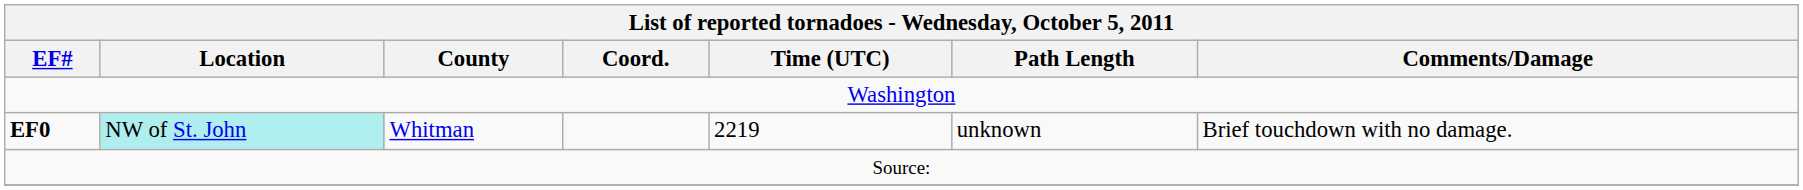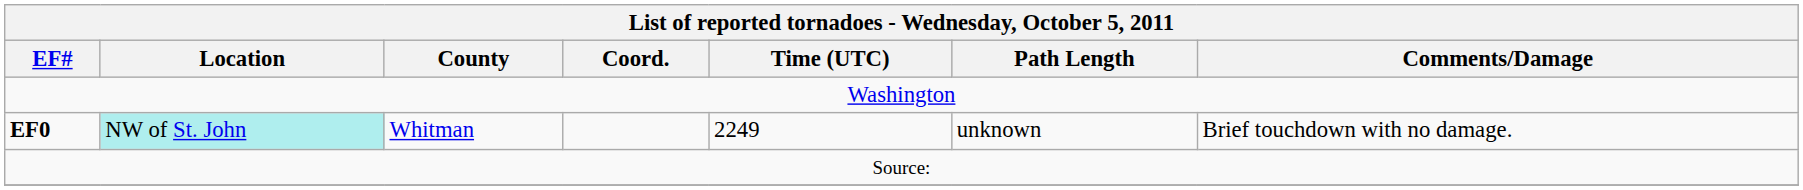 <table class="wikitable collapsible" width="100%">
 <tr>
 <th colspan="7">List of reported tornadoes - Wednesday, October 5, 2011</th>
 </tr>
 <tr>
 <th><a href='#'>EF#</a></th>
 <th>Location</th>
 <th>County</th>
 <th>Coord.</th>
 <th>Time (UTC)</th>
 <th>Path Length</th>
 <th>Comments/Damage</th>
 </tr>
 <tr>
 <td colspan="7" align=center><a href='#'>Washington</a></td>
 </tr>
 <tr>
 <td><strong>EF0</strong></td>
 <td style="background: paleturquoise;">NW of <a href='#'>St. John</a></td>
 <td><a href='#'>Whitman</a></td>
 <td></td>
-<td>2219</td>
+<td>2249</td>
 <td>unknown</td>
 <td>Brief touchdown with no damage.</td>
 </tr>
 <tr>
 <td colspan="7" align=center><small>Source: </small></td>
 </tr>
 <tr>
 </tr>
 </table>
